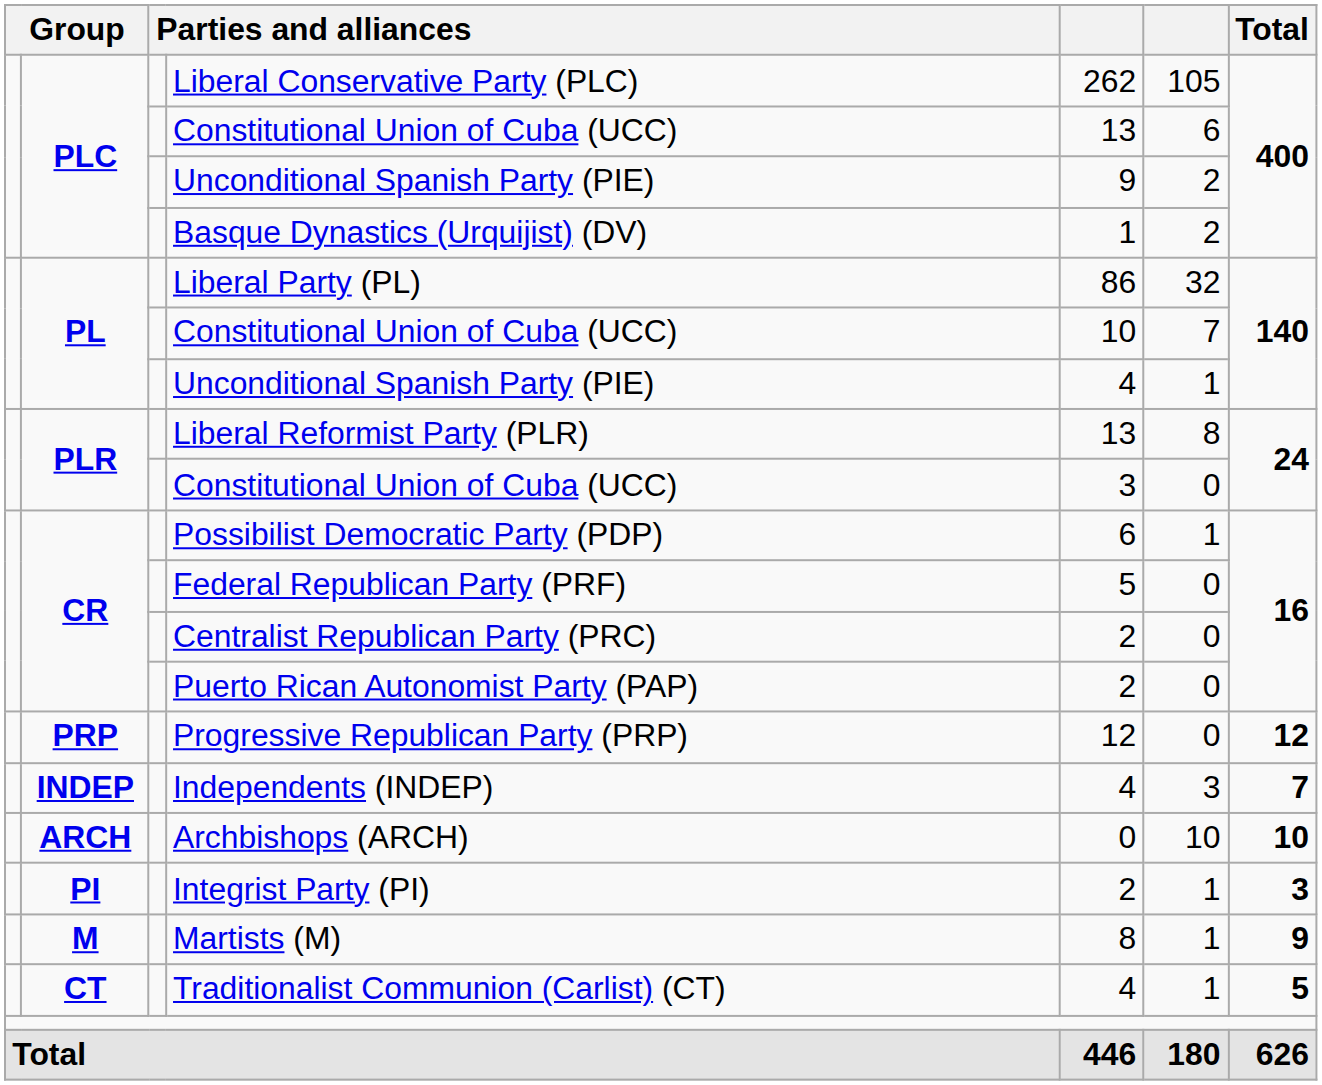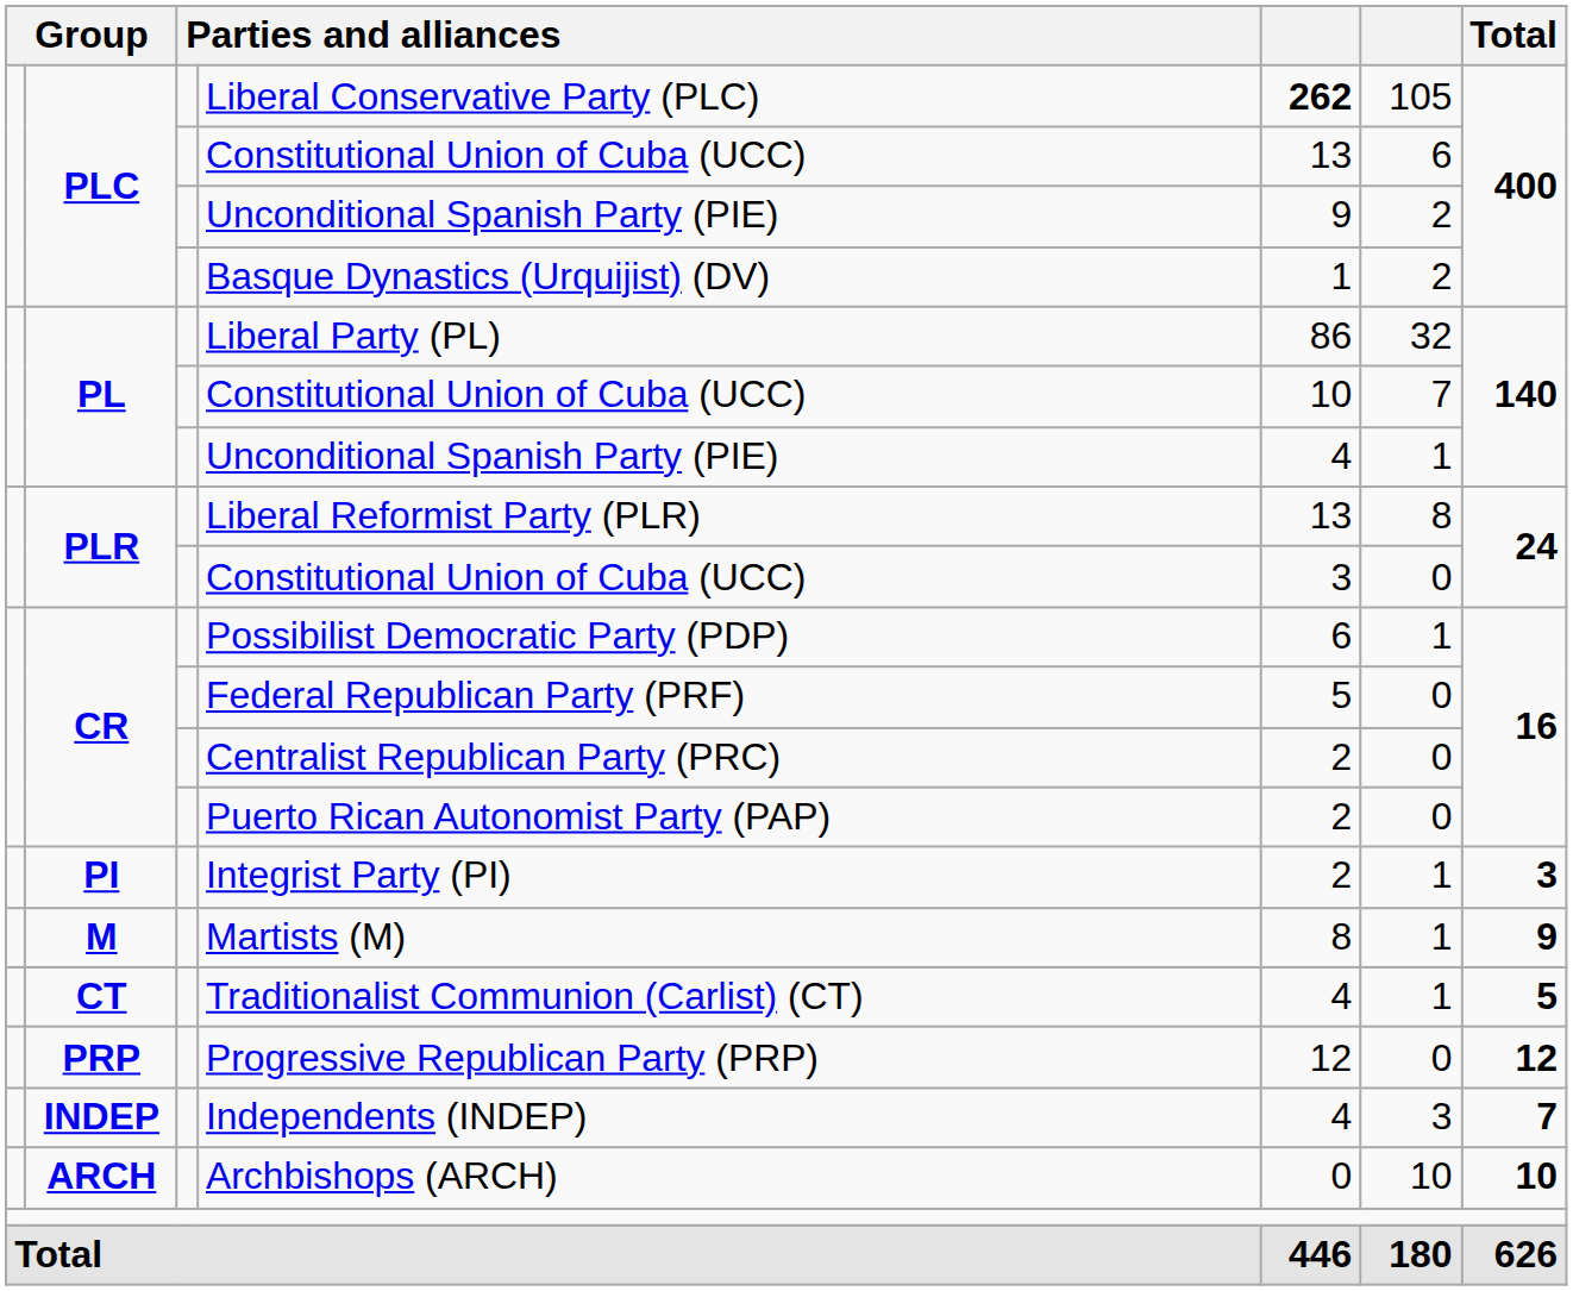 <table class="wikitable" style="text-align:right;">
 <tr>
 <th colspan="2" width="65">Group</th>
 <th style="text-align:left;" colspan="2" width="450">Parties and alliances</th>
 <th width="35"></th>
 <th width="35"></th>
 <th width="35">Total</th>
 </tr>
 <tr>
 <td rowspan="4" width="1"></td>
 <td rowspan="4" align="center"><strong><a href='#'>PLC</a></strong></td>
 <td width="1" style="color:inherit;background:"></td>
 <td align="left"><a href='#'>Liberal Conservative Party</a> (PLC)</td>
-<td>262</td>
+<td><strong>262</strong></td>
 <td>105</td>
 <td rowspan="4"><strong>400</strong></td>
 </tr>
 <tr>
 <td style="color:inherit;background:"></td>
 <td align="left"><a href='#'>Constitutional Union of Cuba</a> (UCC)</td>
 <td>13</td>
 <td>6</td>
 </tr>
 <tr>
 <td style="color:inherit;background:"></td>
 <td align="left"><a href='#'>Unconditional Spanish Party</a> (PIE)</td>
 <td>9</td>
 <td>2</td>
 </tr>
 <tr>
 <td style="color:inherit;background:"></td>
 <td align="left"><a href='#'>Basque Dynastics (Urquijist)</a> (DV)</td>
 <td>1</td>
 <td>2</td>
 </tr>
 <tr>
 <td rowspan="3" style="color:inherit;background:"></td>
 <td rowspan="3" align="center"><strong><a href='#'>PL</a></strong></td>
 <td style="color:inherit;background:"></td>
 <td align="left"><a href='#'>Liberal Party</a> (PL)</td>
 <td>86</td>
 <td>32</td>
 <td rowspan="3"><strong>140</strong></td>
 </tr>
 <tr>
 <td style="color:inherit;background:"></td>
 <td align="left"><a href='#'>Constitutional Union of Cuba</a> (UCC)</td>
 <td>10</td>
 <td>7</td>
 </tr>
 <tr>
 <td style="color:inherit;background:"></td>
 <td align="left"><a href='#'>Unconditional Spanish Party</a> (PIE)</td>
 <td>4</td>
 <td>1</td>
 </tr>
 <tr>
 <td rowspan="2" style="color:inherit;background:"></td>
 <td rowspan="2" align="center"><strong><a href='#'>PLR</a></strong></td>
 <td style="color:inherit;background:"></td>
 <td align="left"><a href='#'>Liberal Reformist Party</a> (PLR)</td>
 <td>13</td>
 <td>8</td>
 <td rowspan="2"><strong>24</strong></td>
 </tr>
 <tr>
 <td style="color:inherit;background:"></td>
 <td align="left"><a href='#'>Constitutional Union of Cuba</a> (UCC)</td>
 <td>3</td>
 <td>0</td>
 </tr>
 <tr>
 <td rowspan="4" style="color:inherit;background:"></td>
 <td rowspan="4" align="center"><strong><a href='#'>CR</a></strong></td>
 <td style="color:inherit;background:"></td>
 <td align="left"><a href='#'>Possibilist Democratic Party</a> (PDP)</td>
 <td>6</td>
 <td>1</td>
 <td rowspan="4"><strong>16</strong></td>
 </tr>
 <tr>
 <td style="color:inherit;background:"></td>
 <td align="left"><a href='#'>Federal Republican Party</a> (PRF)</td>
 <td>5</td>
 <td>0</td>
 </tr>
 <tr>
 <td style="color:inherit;background:"></td>
 <td align="left"><a href='#'>Centralist Republican Party</a> (PRC)</td>
 <td>2</td>
 <td>0</td>
 </tr>
 <tr>
 <td style="color:inherit;background:"></td>
 <td align="left"><a href='#'>Puerto Rican Autonomist Party</a> (PAP)</td>
 <td>2</td>
 <td>0</td>
 </tr>
 <tr>
 <td style="color:inherit;background:"></td>
+<td align="center"><strong><a href='#'>PI</a></strong></td>
+<td style="color:inherit;background:"></td>
+<td align="left"><a href='#'>Integrist Party</a> (PI)</td>
+<td>2</td>
+<td>1</td>
+<td><strong>3</strong></td>
+</tr>
+<tr>
+<td style="color:inherit;background:"></td>
+<td align="center"><strong><a href='#'>M</a></strong></td>
+<td style="color:inherit;background:"></td>
+<td align="left"><a href='#'>Martists</a> (M)</td>
+<td>8</td>
+<td>1</td>
+<td><strong>9</strong></td>
+</tr>
+<tr>
+<td style="color:inherit;background:"></td>
+<td align="center"><strong><a href='#'>CT</a></strong></td>
+<td style="color:inherit;background:"></td>
+<td align="left"><a href='#'>Traditionalist Communion (Carlist)</a> (CT)</td>
+<td>4</td>
+<td>1</td>
+<td><strong>5</strong></td>
+</tr>
+<tr>
+<td style="color:inherit;background:"></td>
 <td align="center"><strong><a href='#'>PRP</a></strong></td>
 <td style="color:inherit;background:"></td>
 <td align="left"><a href='#'>Progressive Republican Party</a> (PRP)</td>
 <td>12</td>
 <td>0</td>
 <td><strong>12</strong></td>
 </tr>
 <tr>
 <td style="color:inherit;background:"></td>
 <td align="center"><strong><a href='#'>INDEP</a></strong></td>
 <td style="color:inherit;background:"></td>
 <td align="left"><a href='#'>Independents</a> (INDEP)</td>
 <td>4</td>
 <td>3</td>
 <td><strong>7</strong></td>
 </tr>
 <tr>
 <td style="color:inherit;background:"></td>
 <td align="center"><strong><a href='#'>ARCH</a></strong></td>
 <td style="color:inherit;background:"></td>
 <td align="left"><a href='#'>Archbishops</a> (ARCH)</td>
 <td>0</td>
 <td>10</td>
 <td><strong>10</strong></td>
 </tr>
 <tr>
-<td style="color:inherit;background:"></td>
-<td align="center"><strong><a href='#'>PI</a></strong></td>
-<td style="color:inherit;background:"></td>
-<td align="left"><a href='#'>Integrist Party</a> (PI)</td>
-<td>2</td>
-<td>1</td>
-<td><strong>3</strong></td>
-</tr>
-<tr>
-<td style="color:inherit;background:"></td>
-<td align="center"><strong><a href='#'>M</a></strong></td>
-<td style="color:inherit;background:"></td>
-<td align="left"><a href='#'>Martists</a> (M)</td>
-<td>8</td>
-<td>1</td>
-<td><strong>9</strong></td>
-</tr>
-<tr>
-<td style="color:inherit;background:"></td>
-<td align="center"><strong><a href='#'>CT</a></strong></td>
-<td style="color:inherit;background:"></td>
-<td align="left"><a href='#'>Traditionalist Communion (Carlist)</a> (CT)</td>
-<td>4</td>
-<td>1</td>
-<td><strong>5</strong></td>
-</tr>
-<tr>
 <td colspan="7"></td>
 </tr>
 <tr style="background:#E4E4E4; font-weight:bold;">
 <td align="left" colspan="4">Total</td>
 <td>446</td>
 <td>180</td>
 <td>626</td>
 </tr>
 </table>
